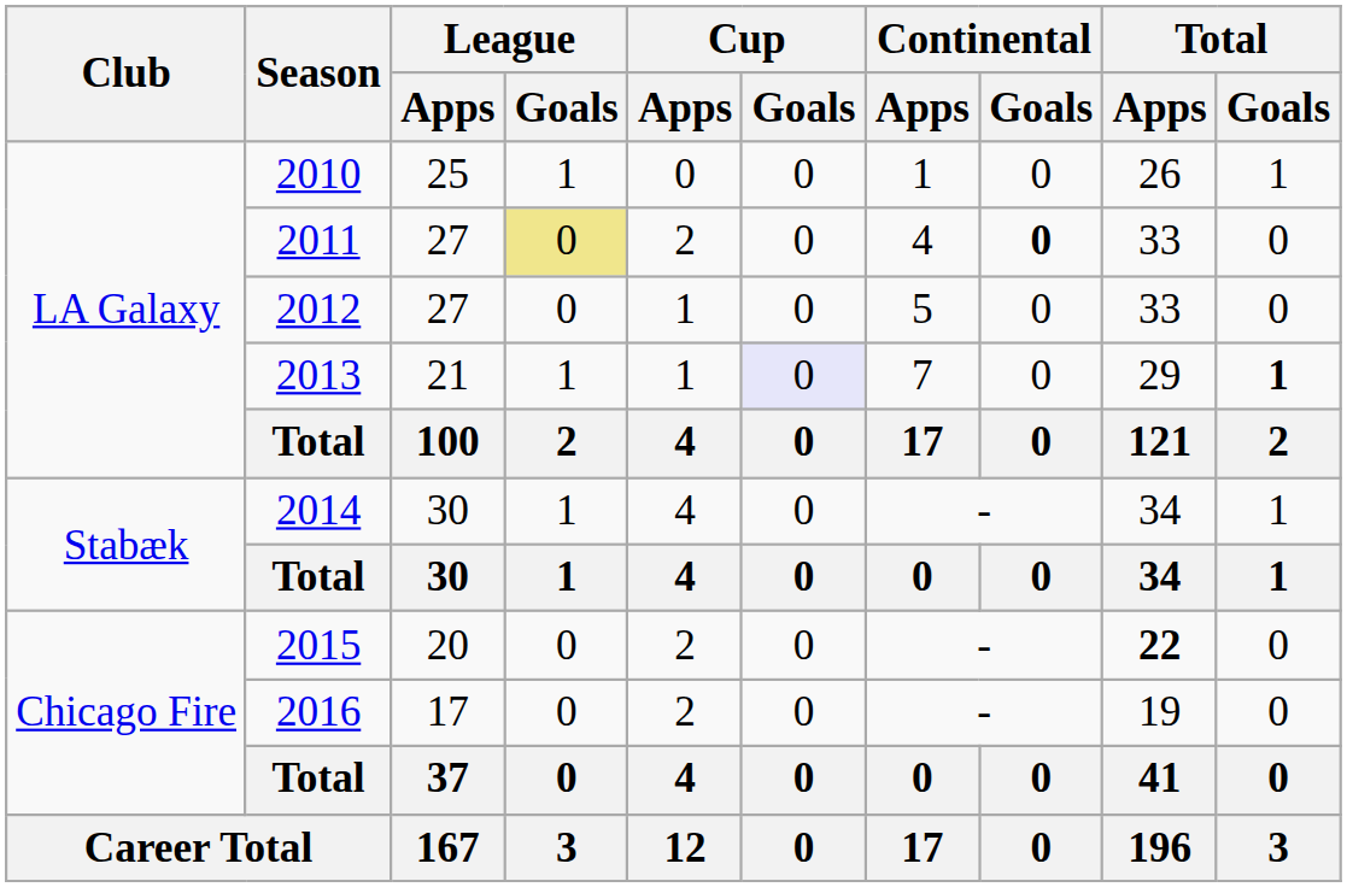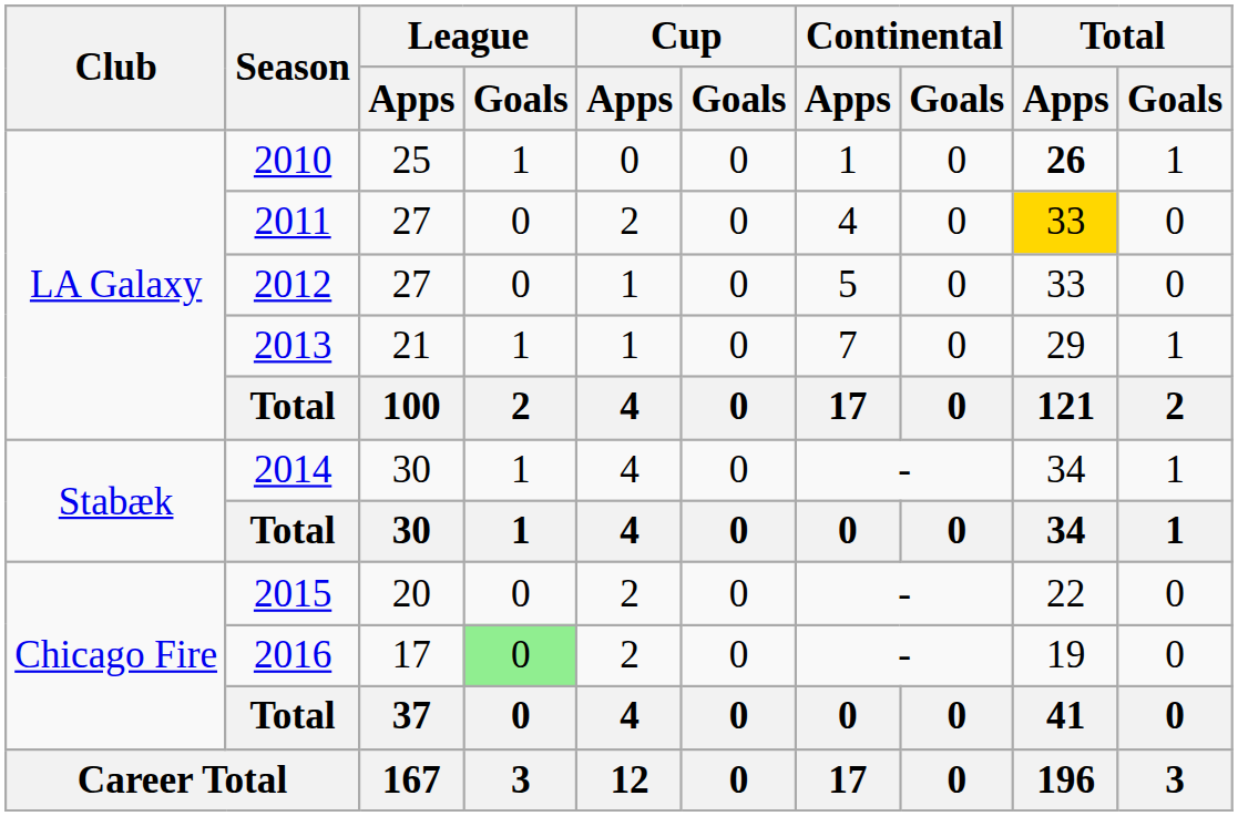 <table class="wikitable" style="text-align: center;">
 <tr>
 <th rowspan="2">Club</th>
 <th rowspan="2">Season</th>
 <th colspan="2">League</th>
 <th colspan="2">Cup</th>
 <th colspan="2">Continental</th>
 <th colspan="2">Total</th>
 </tr>
 <tr>
 <th>Apps</th>
 <th>Goals</th>
 <th>Apps</th>
 <th>Goals</th>
 <th>Apps</th>
 <th>Goals</th>
 <th>Apps</th>
 <th>Goals</th>
 </tr>
 <tr>
 <td rowspan="5" valign="center"><a href='#'>LA Galaxy</a></td>
 <td><a href='#'>2010</a></td>
 <td>25</td>
 <td>1</td>
 <td>0</td>
 <td>0</td>
 <td>1</td>
 <td>0</td>
-<td>26</td>
+<td><strong>26</strong></td>
 <td>1</td>
 </tr>
 <tr>
 <td><a href='#'>2011</a></td>
 <td>27</td>
-<td style="background: khaki;">0</td>
+<td>0</td>
 <td>2</td>
 <td>0</td>
 <td>4</td>
-<td><strong>0</strong></td>
-<td>33</td>
+<td>0</td>
+<td style="background: gold;">33</td>
 <td>0</td>
 </tr>
 <tr>
 <td><a href='#'>2012</a></td>
 <td>27</td>
 <td>0</td>
 <td>1</td>
 <td>0</td>
 <td>5</td>
 <td>0</td>
 <td>33</td>
 <td>0</td>
 </tr>
 <tr>
 <td><a href='#'>2013</a></td>
 <td>21</td>
 <td>1</td>
 <td>1</td>
-<td style="background: lavender;">0</td>
+<td>0</td>
 <td>7</td>
 <td>0</td>
 <td>29</td>
-<td><strong>1</strong></td>
+<td>1</td>
 </tr>
 <tr>
 <th colspan="1">Total</th>
 <th>100</th>
 <th>2</th>
 <th>4</th>
 <th>0</th>
 <th>17</th>
 <th>0</th>
 <th>121</th>
 <th>2</th>
 </tr>
 <tr>
 <td rowspan="2" valign="center"><a href='#'>Stabæk</a></td>
 <td><a href='#'>2014</a></td>
 <td>30</td>
 <td>1</td>
 <td>4</td>
 <td>0</td>
 <td colspan="2">-</td>
 <td>34</td>
 <td>1</td>
 </tr>
 <tr>
 <th colspan="1">Total</th>
 <th>30</th>
 <th>1</th>
 <th>4</th>
 <th>0</th>
 <th>0</th>
 <th>0</th>
 <th>34</th>
 <th>1</th>
 </tr>
 <tr>
 <td rowspan="3" valign="center"><a href='#'>Chicago Fire</a></td>
 <td><a href='#'>2015</a></td>
 <td>20</td>
 <td>0</td>
 <td>2</td>
 <td>0</td>
 <td colspan="2">-</td>
-<td><strong>22</strong></td>
+<td>22</td>
 <td>0</td>
 </tr>
 <tr>
 <td><a href='#'>2016</a></td>
 <td>17</td>
-<td>0</td>
+<td style="background: lightgreen;">0</td>
 <td>2</td>
 <td>0</td>
 <td Colspan="2">-</td>
 <td>19</td>
 <td>0</td>
 </tr>
 <tr>
 <th colspan="1">Total</th>
 <th>37</th>
 <th>0</th>
 <th>4</th>
 <th>0</th>
 <th>0</th>
 <th>0</th>
 <th>41</th>
 <th>0</th>
 </tr>
 <tr>
 <th colspan="2">Career Total</th>
 <th>167</th>
 <th>3</th>
 <th>12</th>
 <th>0</th>
 <th>17</th>
 <th>0</th>
 <th>196</th>
 <th>3</th>
 </tr>
 </table>
